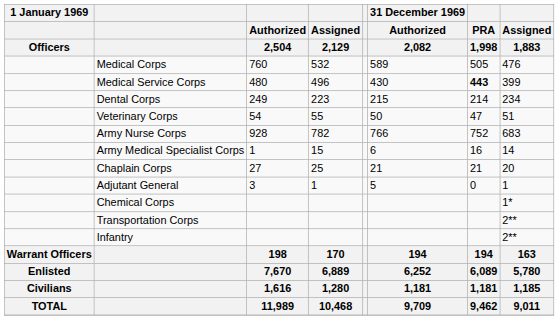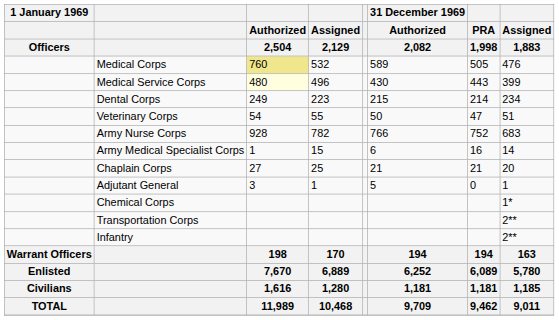 <table class="wikitable">
 <tr>
 <th>1 January 1969</th>
 <th></th>
 <th></th>
 <th></th>
 <th></th>
 <th>31 December 1969</th>
 <th></th>
 <th></th>
 </tr>
 <tr>
 <th></th>
 <th></th>
 <th>Authorized</th>
 <th>Assigned</th>
 <th></th>
 <th>Authorized</th>
 <th>PRA</th>
 <th>Assigned</th>
 </tr>
 <tr>
 <th>Officers</th>
 <th></th>
 <th>2,504</th>
 <th>2,129</th>
 <th></th>
 <th>2,082</th>
 <th>1,998</th>
 <th>1,883</th>
 </tr>
 <tr>
 <td></td>
 <td>Medical Corps</td>
-<td>760</td>
+<td style="background: khaki;">760</td>
 <td>532</td>
 <td></td>
 <td>589</td>
 <td>505</td>
 <td>476</td>
 </tr>
 <tr>
 <td></td>
 <td>Medical Service Corps</td>
-<td>480</td>
+<td style="background: lightyellow;">480</td>
 <td>496</td>
 <td></td>
 <td>430</td>
-<td><strong>443</strong></td>
+<td>443</td>
 <td>399</td>
 </tr>
 <tr>
 <td></td>
 <td>Dental Corps</td>
 <td>249</td>
 <td>223</td>
 <td></td>
 <td>215</td>
 <td>214</td>
 <td>234</td>
 </tr>
 <tr>
 <td></td>
 <td>Veterinary Corps</td>
 <td>54</td>
 <td>55</td>
 <td></td>
 <td>50</td>
 <td>47</td>
 <td>51</td>
 </tr>
 <tr>
 <td></td>
 <td>Army Nurse Corps</td>
 <td>928</td>
 <td>782</td>
 <td></td>
 <td>766</td>
 <td>752</td>
 <td>683</td>
 </tr>
 <tr>
 <td></td>
 <td>Army Medical Specialist Corps</td>
 <td>1</td>
 <td>15</td>
 <td></td>
 <td>6</td>
 <td>16</td>
 <td>14</td>
 </tr>
 <tr>
 <td></td>
 <td>Chaplain Corps</td>
 <td>27</td>
 <td>25</td>
 <td></td>
 <td>21</td>
 <td>21</td>
 <td>20</td>
 </tr>
 <tr>
 <td></td>
 <td>Adjutant General</td>
 <td>3</td>
 <td>1</td>
 <td></td>
 <td>5</td>
 <td>0</td>
 <td>1</td>
 </tr>
 <tr>
 <td></td>
 <td>Chemical Corps</td>
 <td></td>
 <td></td>
 <td></td>
 <td></td>
 <td></td>
 <td>1*</td>
 </tr>
 <tr>
 <td></td>
 <td>Transportation Corps</td>
 <td></td>
 <td></td>
 <td></td>
 <td></td>
 <td></td>
 <td>2**</td>
 </tr>
 <tr>
 <td></td>
 <td>Infantry</td>
 <td></td>
 <td></td>
 <td></td>
 <td></td>
 <td></td>
 <td>2**</td>
 </tr>
 <tr>
 <th>Warrant Officers</th>
 <th></th>
 <th>198</th>
 <th>170</th>
 <th></th>
 <th>194</th>
 <th>194</th>
 <th>163</th>
 </tr>
 <tr>
 <th>Enlisted</th>
 <th></th>
 <th>7,670</th>
 <th>6,889</th>
 <th></th>
 <th>6,252</th>
 <th>6,089</th>
 <th>5,780</th>
 </tr>
 <tr>
 <th>Civilians</th>
 <th></th>
 <th>1,616</th>
 <th>1,280</th>
 <th></th>
 <th>1,181</th>
 <th>1,181</th>
 <th>1,185</th>
 </tr>
 <tr>
 <th>TOTAL</th>
 <th></th>
 <th>11,989</th>
 <th>10,468</th>
 <th></th>
 <th>9,709</th>
 <th>9,462</th>
 <th>9,011</th>
 </tr>
 <tr>
 </tr>
 </table>
